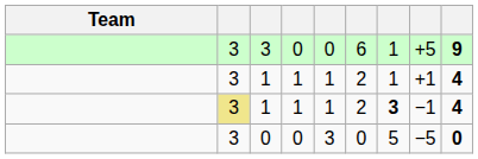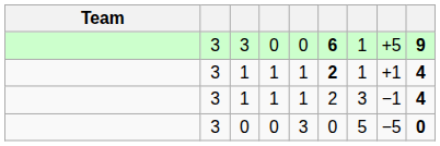 <table class="wikitable" style="text-align: center;">
 <tr>
 <th width="175">Team</th>
 <th width="20"></th>
 <th width="20"></th>
 <th width="20"></th>
 <th width="20"></th>
 <th width="20"></th>
 <th width="20"></th>
 <th width="20"></th>
 <th width="20"></th>
 </tr>
 <tr bgcolor=ccffcc>
 <td align=left></td>
 <td>3</td>
 <td>3</td>
 <td>0</td>
 <td>0</td>
-<td>6</td>
+<td><strong>6</strong></td>
 <td>1</td>
 <td>+5</td>
 <td><strong>9</strong></td>
 </tr>
 <tr>
 <td align=left></td>
 <td>3</td>
 <td>1</td>
 <td>1</td>
 <td>1</td>
-<td>2</td>
+<td><strong>2</strong></td>
 <td>1</td>
 <td>+1</td>
 <td><strong>4</strong></td>
 </tr>
 <tr>
 <td align=left><em></em></td>
-<td style="background: khaki;">3</td>
+<td>3</td>
 <td>1</td>
 <td>1</td>
 <td>1</td>
 <td>2</td>
-<td><strong>3</strong></td>
+<td>3</td>
 <td>−1</td>
 <td><strong>4</strong></td>
 </tr>
 <tr>
 <td align=left></td>
 <td>3</td>
 <td>0</td>
 <td>0</td>
 <td>3</td>
 <td>0</td>
 <td>5</td>
 <td>−5</td>
 <td><strong>0</strong></td>
 </tr>
 </table>
